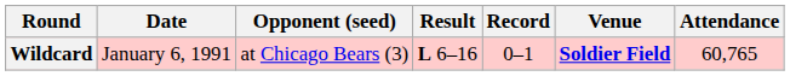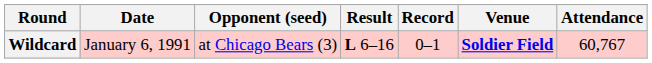 <table class="wikitable"  style="text-align: center;">
 <tr>
 <th>Round</th>
 <th>Date</th>
 <th>Opponent (seed)</th>
 <th>Result</th>
 <th>Record</th>
 <th>Venue</th>
 <th>Attendance</th>
 </tr>
 <tr style="background:#fcc">
 <th>Wildcard</th>
 <td>January 6, 1991</td>
 <td>at <a href='#'>Chicago Bears</a> (3)</td>
 <td><strong>L</strong> 6–16</td>
 <td>0–1</td>
 <td><strong><a href='#'>Soldier Field</a></strong></td>
-<td>60,765</td>
+<td>60,767</td>
 </tr>
 </table>
